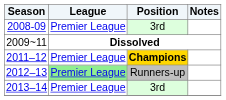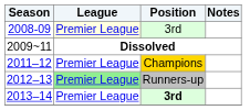 <table border="1" cellpadding="2" style="border-collapse:collapse; text-align:center; font-size:normal;">
 <tr style="background:#f0f6fa;">
 <th>Season</th>
 <th>League</th>
 <th>Position</th>
 <th>Notes</th>
 </tr>
 <tr>
 <td><a href='#'>2008-09</a></td>
-<td><a href='#'>Premier League</a></td>
+<td style="background: lightyellow;"><a href='#'>Premier League</a></td>
 <td bgcolor=#DDFFDD>3rd</td>
 <td></td>
 </tr>
 <tr>
 <td>2009~11</td>
 <th colspan=4>Dissolved</th>
 </tr>
 <tr>
 <td><a href='#'>2011–12</a></td>
 <td><a href='#'>Premier League</a></td>
-<td bgcolor=gold><strong>Champions</strong></td>
+<td bgcolor=gold>Champions</td>
 <td></td>
 </tr>
 <tr>
 <td><a href='#'>2012–13</a></td>
 <td style="background: lightgreen;"><a href='#'>Premier League</a></td>
 <td bgcolor=silver>Runners-up</td>
 <td></td>
 </tr>
 <tr>
 <td><a href='#'>2013–14</a></td>
 <td><a href='#'>Premier League</a></td>
-<td bgcolor=#DDFFDD>3rd</td>
+<td bgcolor=#DDFFDD><strong>3rd</strong></td>
 <td></td>
 </tr>
 <tr>
 </tr>
 </table>
